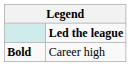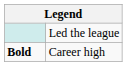 <table class="wikitable mw-collapsible mw-collapsed">
 <tr>
 <th colspan="3">Legend</th>
 </tr>
 <tr>
 <td style="background:#cfecec; width:3em;"></td>
-<td><strong>Led the league</strong></td>
+<td>Led the league</td>
 </tr>
 <tr>
 <td><strong>Bold</strong></td>
 <td>Career high</td>
 </tr>
 </table>
